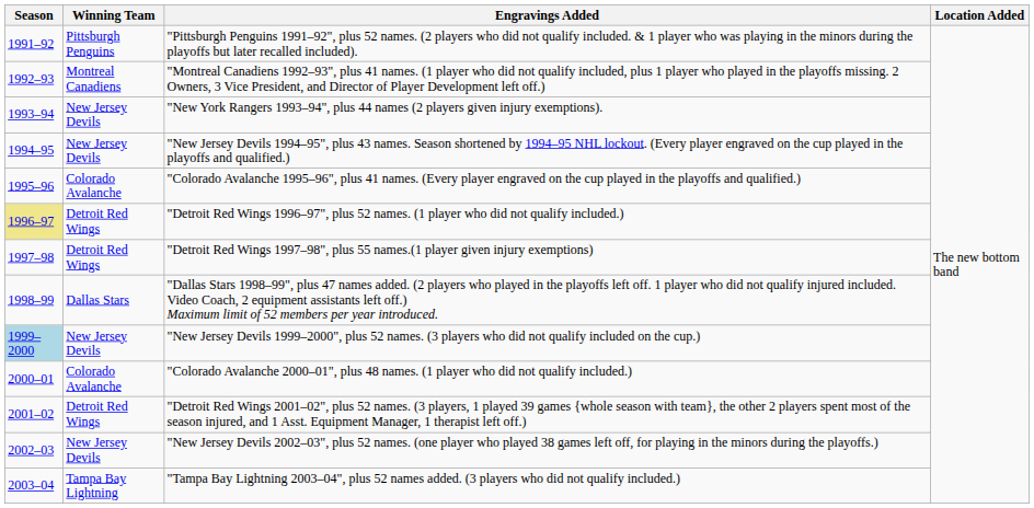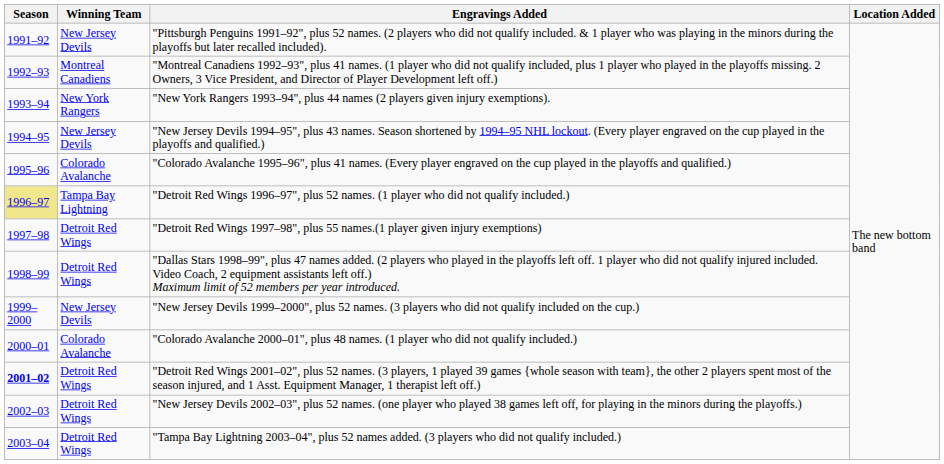 <table class="wikitable">
 <tr>
 <th>Season</th>
 <th>Winning Team</th>
 <th>Engravings Added</th>
 <th>Location Added</th>
 </tr>
 <tr>
 <td><a href='#'>1991–92</a></td>
-<td><a href='#'>Pittsburgh Penguins</a></td>
+<td><a href='#'>New Jersey Devils</a></td>
 <td valign="top">"Pittsburgh Penguins 1991–92", plus 52 names. (2 players who did not qualify included. & 1 player who was playing in the minors during the playoffs but later recalled included).</td>
 <td rowspan="13">The new bottom band</td>
 </tr>
 <tr>
 <td><a href='#'>1992–93</a></td>
 <td><a href='#'>Montreal Canadiens</a></td>
 <td valign="top">"Montreal Canadiens 1992–93", plus 41 names. (1 player who did not qualify included, plus 1 player who played in the playoffs missing. 2 Owners, 3 Vice President, and Director of Player Development left off.)</td>
 </tr>
 <tr>
 <td><a href='#'>1993–94</a></td>
-<td><a href='#'>New Jersey Devils</a></td>
+<td><a href='#'>New York Rangers</a></td>
 <td valign="top">"New York Rangers 1993–94", plus 44 names (2 players given injury exemptions).</td>
 </tr>
 <tr>
 <td><a href='#'>1994–95</a></td>
 <td><a href='#'>New Jersey Devils</a></td>
 <td valign="top">"New Jersey Devils 1994–95", plus 43 names. Season shortened by <a href='#'>1994–95 NHL lockout</a>. (Every player engraved on the cup played in the playoffs and qualified.)</td>
 </tr>
 <tr>
 <td><a href='#'>1995–96</a></td>
 <td><a href='#'>Colorado Avalanche</a></td>
 <td valign="top">"Colorado Avalanche 1995–96", plus 41 names. (Every player engraved on the cup played in the playoffs and qualified.)</td>
 </tr>
 <tr>
 <td style="background: khaki;"><a href='#'>1996–97</a></td>
-<td><a href='#'>Detroit Red Wings</a></td>
+<td><a href='#'>Tampa Bay Lightning</a></td>
 <td valign="top">"Detroit Red Wings 1996–97", plus 52 names. (1 player who did not qualify included.)</td>
 </tr>
 <tr>
 <td><a href='#'>1997–98</a></td>
 <td><a href='#'>Detroit Red Wings</a></td>
 <td valign="top">"Detroit Red Wings 1997–98", plus 55 names.(1 player given injury exemptions)</td>
 </tr>
 <tr>
 <td><a href='#'>1998–99</a></td>
-<td><a href='#'>Dallas Stars</a></td>
+<td><a href='#'>Detroit Red Wings</a></td>
 <td valign="top">"Dallas Stars 1998–99", plus 47 names added. (2 players who played in the playoffs left off. 1 player who did not qualify injured included. Video Coach, 2 equipment assistants left off.)<br><em>Maximum limit of 52 members per year introduced.</em></td>
 </tr>
 <tr>
-<td style="background: lightblue;"><a href='#'>1999–2000</a></td>
+<td><a href='#'>1999–2000</a></td>
 <td><a href='#'>New Jersey Devils</a></td>
 <td valign="top">"New Jersey Devils 1999–2000", plus 52 names. (3 players who did not qualify included on the cup.)</td>
 </tr>
 <tr>
 <td><a href='#'>2000–01</a></td>
 <td><a href='#'>Colorado Avalanche</a></td>
 <td valign="top">"Colorado Avalanche 2000–01", plus 48 names. (1 player who did not qualify included.)</td>
 </tr>
 <tr>
-<td><a href='#'>2001–02</a></td>
+<td><strong><a href='#'>2001–02</a></strong></td>
 <td><a href='#'>Detroit Red Wings</a></td>
 <td valign="top">"Detroit Red Wings 2001–02", plus 52 names. (3 players, 1 played 39 games {whole season with team}, the other 2 players spent most of the season injured, and 1 Asst. Equipment Manager, 1 therapist left off.)</td>
 </tr>
 <tr>
 <td><a href='#'>2002–03</a></td>
-<td><a href='#'>New Jersey Devils</a></td>
+<td><a href='#'>Detroit Red Wings</a></td>
 <td valign="top">"New Jersey Devils 2002–03", plus 52 names. (one player who played 38 games left off, for playing in the minors during the playoffs.)</td>
 </tr>
 <tr>
 <td><a href='#'>2003–04</a></td>
-<td><a href='#'>Tampa Bay Lightning</a></td>
+<td><a href='#'>Detroit Red Wings</a></td>
 <td valign="top">"Tampa Bay Lightning 2003–04", plus 52 names added. (3 players who did not qualify included.)</td>
 </tr>
 </table>
